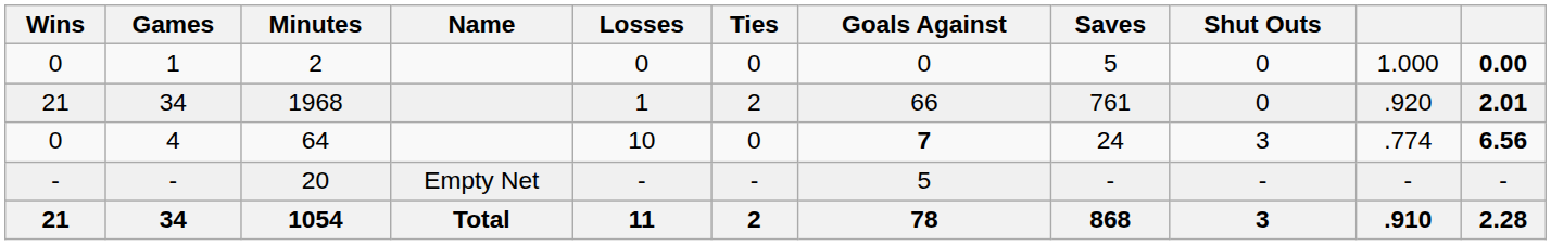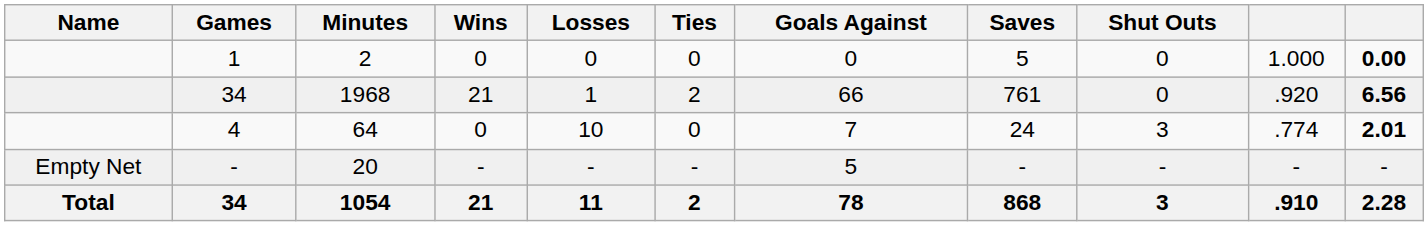 <table class="wikitable sortable" width ="1000">
 <tr align="center">
-<th>Wins</th>
+<th>Name</th>
 <th>Games</th>
 <th>Minutes</th>
-<th>Name</th>
+<th>Wins</th>
 <th>Losses</th>
 <th>Ties</th>
 <th>Goals Against</th>
 <th>Saves</th>
 <th>Shut Outs</th>
 <th><a href='#'></a></th>
 <th><a href='#'></a></th>
 </tr>
 <tr align="center" bgcolor="">
-<td>0</td>
+<td></td>
 <td>1</td>
 <td>2</td>
-<td></td>
+<td>0</td>
 <td>0</td>
 <td>0</td>
 <td>0</td>
 <td>5</td>
 <td>0</td>
 <td>1.000</td>
 <td><strong>0.00</strong></td>
 </tr>
 <tr align="center" bgcolor="f0f0f0">
-<td>21</td>
+<td></td>
 <td>34</td>
 <td>1968</td>
-<td></td>
+<td>21</td>
 <td>1</td>
 <td>2</td>
 <td>66</td>
 <td>761</td>
 <td>0</td>
 <td>.920</td>
-<td><strong>2.01</strong></td>
+<td><strong>6.56</strong></td>
 </tr>
 <tr align="center" bgcolor="">
-<td>0</td>
+<td></td>
 <td>4</td>
 <td>64</td>
-<td></td>
+<td>0</td>
 <td>10</td>
 <td>0</td>
-<td><strong>7</strong></td>
+<td>7</td>
 <td>24</td>
 <td>3</td>
 <td>.774</td>
-<td><strong>6.56</strong></td>
+<td><strong>2.01</strong></td>
 </tr>
 <tr align="center" bgcolor="f0f0f0">
-<td>-</td>
+<td>Empty Net</td>
 <td>-</td>
 <td>20</td>
-<td>Empty Net</td>
+<td>-</td>
 <td>-</td>
 <td>-</td>
 <td>5</td>
 <td>-</td>
 <td>-</td>
 <td>-</td>
 <td>-</td>
 </tr>
 <tr>
-<th>21</th>
+<th>Total</th>
 <th>34</th>
 <th>1054</th>
-<th>Total</th>
+<th>21</th>
 <th>11</th>
 <th>2</th>
 <th>78</th>
 <th>868</th>
 <th>3</th>
 <th>.910</th>
 <th>2.28</th>
 </tr>
 </table>
